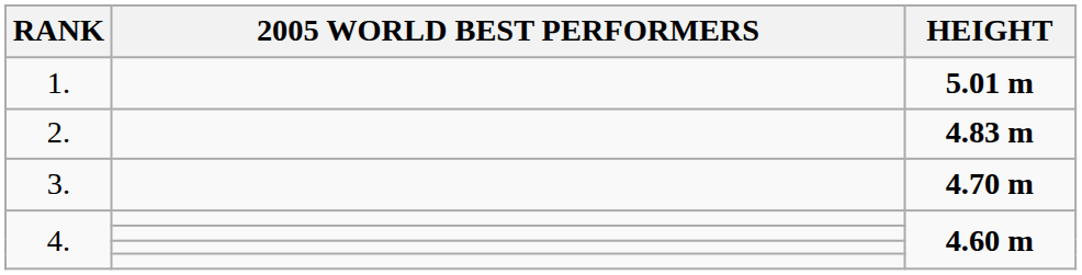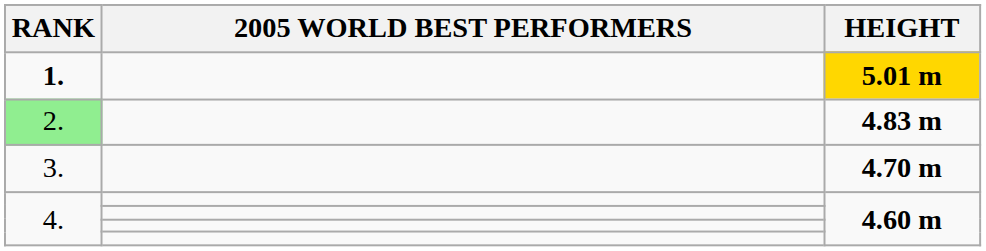 <table class="wikitable" style="font-size: 90%;">
 <tr>
 <th>RANK</th>
 <th align="center" style="width: 25em">2005 WORLD BEST PERFORMERS</th>
 <th align="center" style="width: 5em">HEIGHT</th>
 </tr>
 <tr>
-<td align="center">1.</td>
+<td align="center"><strong>1.</strong></td>
 <td></td>
-<td align="center"><strong>5.01 m</strong></td>
+<td align="center" style="background: gold;"><strong>5.01 m</strong></td>
 </tr>
 <tr>
-<td align="center">2.</td>
+<td align="center" style="background: lightgreen;">2.</td>
 <td></td>
 <td align="center"><strong>4.83 m</strong></td>
 </tr>
 <tr>
 <td align="center">3.</td>
 <td></td>
 <td align="center"><strong>4.70 m</strong></td>
 </tr>
 <tr>
 <td rowspan=4 align="center">4.</td>
 <td></td>
 <td rowspan=4 align="center"><strong>4.60 m</strong></td>
 </tr>
 <tr>
 <td></td>
 </tr>
 <tr>
 <td></td>
 </tr>
 <tr>
 <td></td>
 </tr>
 </table>
